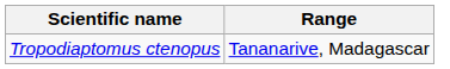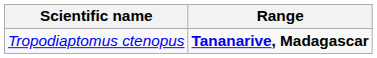 <table class="wikitable sortable">
 <tr>
 <th>Scientific name</th>
 <th>Range</th>
 </tr>
 <tr>
 <td><em><a href='#'>Tropodiaptomus ctenopus</a></em></td>
-<td><a href='#'>Tananarive</a>, Madagascar</td>
+<td><strong><a href='#'>Tananarive</a>, Madagascar</strong></td>
 </tr>
 </table>
